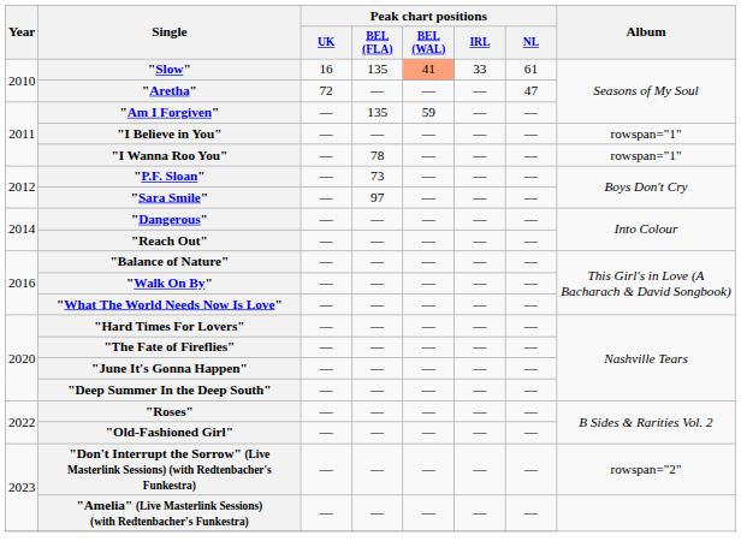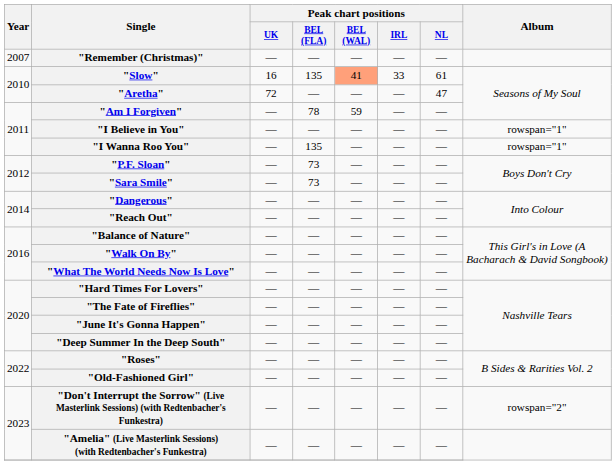 <table class="wikitable plainrowheaders" style="text-align:center;">
 <tr>
 <th scope="col" rowspan="2">Year</th>
 <th scope="col" rowspan="2">Single</th>
 <th scope="col" colspan="5">Peak chart positions</th>
 <th scope="col" rowspan="2">Album</th>
 </tr>
 <tr>
 <th scope="col" style="width:4em;font-size:85%"><a href='#'>UK</a><br></th>
 <th scope="col" style="width:4em;font-size:85%"><a href='#'>BEL (FLA)</a><br></th>
 <th scope="col" style="width:4em;font-size:85%"><a href='#'>BEL (WAL)</a><br></th>
 <th scope="col" style="width:4em;font-size:85%"><a href='#'>IRL</a><br></th>
 <th scope="col" style="width:4em;font-size:85%"><a href='#'>NL</a><br></th>
+</tr>
+<tr>
+<td>2007</td>
+<th scope="row">"Remember (Christmas)"</th>
+<td>—</td>
+<td>—</td>
+<td>—</td>
+<td>—</td>
+<td>—</td>
+<td></td>
 </tr>
 <tr>
 <td rowspan="2">2010</td>
 <th scope="row">"<a href='#'>Slow</a>"</th>
 <td>16</td>
 <td>135</td>
 <td style="background: lightsalmon;">41</td>
 <td>33</td>
 <td>61</td>
 <td rowspan="3"><em>Seasons of My Soul</em></td>
 </tr>
 <tr>
 <th scope="row">"<a href='#'>Aretha</a>"</th>
 <td>72</td>
 <td>—</td>
 <td>—</td>
 <td>—</td>
 <td>47</td>
 </tr>
 <tr>
 <td rowspan="3">2011</td>
 <th scope="row">"<a href='#'>Am I Forgiven</a>"</th>
 <td>—</td>
-<td>135</td>
+<td>78</td>
 <td>59</td>
 <td>—</td>
 <td>—</td>
 </tr>
 <tr>
 <th scope="row">"I Believe in You"</th>
 <td>—</td>
 <td>—</td>
 <td>—</td>
 <td>—</td>
 <td>—</td>
 <td>rowspan="1" </td>
 </tr>
 <tr>
 <th scope="row">"I Wanna Roo You"</th>
 <td>—</td>
-<td>78</td>
+<td>135</td>
 <td>—</td>
 <td>—</td>
 <td>—</td>
 <td>rowspan="1" </td>
 </tr>
 <tr>
 <td rowspan="2">2012</td>
 <th scope="row">"<a href='#'>P.F. Sloan</a>"</th>
 <td>—</td>
 <td>73</td>
 <td>—</td>
 <td>—</td>
 <td>—</td>
 <td rowspan="2"><em>Boys Don't Cry</em></td>
 </tr>
 <tr>
 <th scope="row">"<a href='#'>Sara Smile</a>"</th>
 <td>—</td>
-<td>97</td>
+<td>73</td>
 <td>—</td>
 <td>—</td>
 <td>—</td>
 </tr>
 <tr>
 <td rowspan="2">2014</td>
 <th scope="row">"<a href='#'>Dangerous</a>"</th>
 <td>—</td>
 <td>—</td>
 <td>—</td>
 <td>—</td>
 <td>—</td>
 <td rowspan="2"><em>Into Colour</em></td>
 </tr>
 <tr>
 <th scope="row">"Reach Out"</th>
 <td>—</td>
 <td>—</td>
 <td>—</td>
 <td>—</td>
 <td>—</td>
 </tr>
 <tr>
 <td rowspan="3">2016</td>
 <th scope="row">"Balance of Nature"</th>
 <td>—</td>
 <td>—</td>
 <td>—</td>
 <td>—</td>
 <td>—</td>
 <td rowspan="3"><em>This Girl's in Love (A Bacharach & David Songbook)</em></td>
 </tr>
 <tr>
 <th scope="row">"<a href='#'>Walk On By</a>"</th>
 <td>—</td>
 <td>—</td>
 <td>—</td>
 <td>—</td>
 <td>—</td>
 </tr>
 <tr>
 <th scope="row">"<a href='#'>What The World Needs Now Is Love</a>"</th>
 <td>—</td>
 <td>—</td>
 <td>—</td>
 <td>—</td>
 <td>—</td>
 </tr>
 <tr>
 <td rowspan="4">2020</td>
 <th scope="row">"Hard Times For Lovers"</th>
 <td>—</td>
 <td>—</td>
 <td>—</td>
 <td>—</td>
 <td>—</td>
 <td rowspan="4"><em>Nashville Tears</em></td>
 </tr>
 <tr>
 <th scope="row">"The Fate of Fireflies"</th>
 <td>—</td>
 <td>—</td>
 <td>—</td>
 <td>—</td>
 <td>—</td>
 </tr>
 <tr>
 <th scope="row">"June It's Gonna Happen"</th>
 <td>—</td>
 <td>—</td>
 <td>—</td>
 <td>—</td>
 <td>—</td>
 </tr>
 <tr>
 <th scope="row">"Deep Summer In the Deep South"</th>
 <td>—</td>
 <td>—</td>
 <td>—</td>
 <td>—</td>
 <td>—</td>
 </tr>
 <tr>
 <td rowspan="2">2022</td>
 <th scope="row">"Roses"</th>
 <td>—</td>
 <td>—</td>
 <td>—</td>
 <td>—</td>
 <td>—</td>
 <td rowspan="2"><em>B Sides & Rarities Vol. 2</em></td>
 </tr>
 <tr>
 <th scope="row">"Old-Fashioned Girl"</th>
 <td>—</td>
 <td>—</td>
 <td>—</td>
 <td>—</td>
 <td>—</td>
 </tr>
 <tr>
 <td rowspan="2">2023</td>
 <th scope="row">"Don't Interrupt the Sorrow" <small>(Live Masterlink Sessions) (with Redtenbacher's Funkestra)</small></th>
 <td>—</td>
 <td>—</td>
 <td>—</td>
 <td>—</td>
 <td>—</td>
 <td>rowspan="2" </td>
 </tr>
 <tr>
 <th scope="row">"Amelia" <small>(Live Masterlink Sessions) <br> (with Redtenbacher's Funkestra)</small></th>
 <td>—</td>
 <td>—</td>
 <td>—</td>
 <td>—</td>
 <td>—</td>
 </tr>
 <tr>
 </tr>
 </table>
